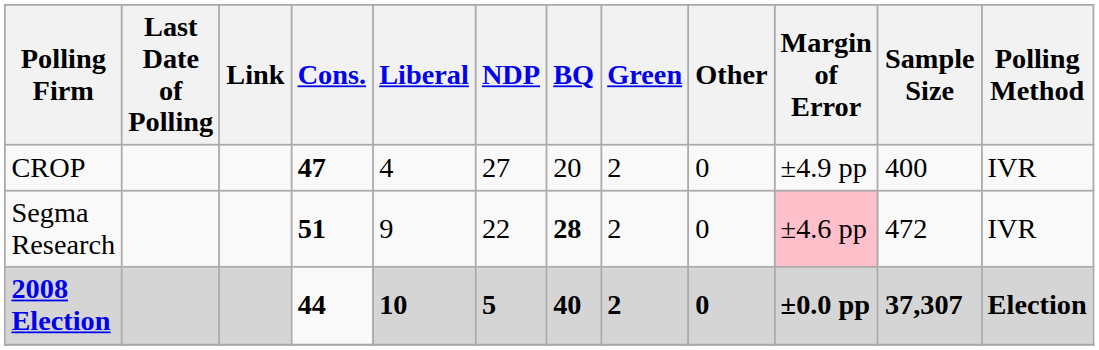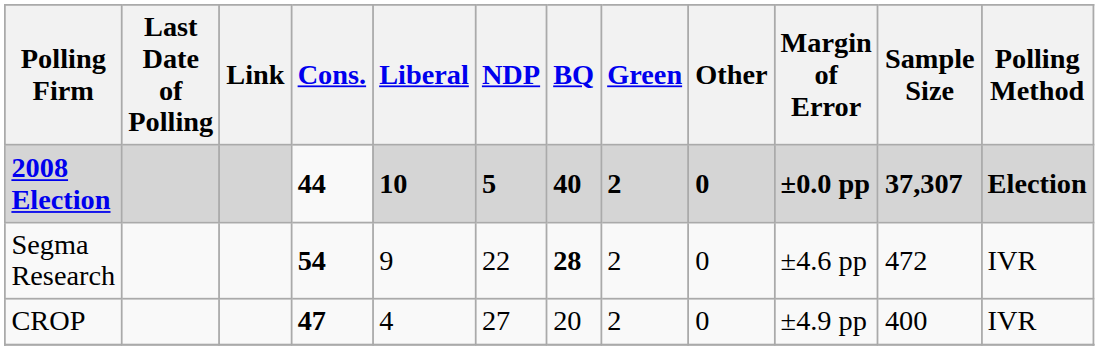 <table class="wikitable sortable">
 <tr style="background:#e9e9e9;">
 <th style="width:120px">Polling Firm</th>
 <th style="width:110px">Last Date<br>of Polling</th>
 <th style="width:60px" class="unsortable">Link</th>
 <th style="background-color:"><strong><a href='#'>Cons.</a></strong></th>
 <th style="background-color:"><strong><a href='#'>Liberal</a></strong></th>
 <th style="background-color:"><strong><a href='#'>NDP</a></strong></th>
 <th style="background-color:"><strong><a href='#'>BQ</a></strong></th>
 <th style="background-color:"><strong><a href='#'>Green</a></strong></th>
 <th style="background-color:"><strong>Other</strong></th>
 <th style="width:60px;" class=unsortable>Margin<br>of Error</th>
 <th style="width:50px;" class=unsortable>Sample<br>Size</th>
 <th class=unsortable>Polling Method</th>
 </tr>
 <tr>
+<td style="background:#D5D5D5"><strong><a href='#'>2008 Election</a></strong></td>
+<td style="background:#D5D5D5"><strong></strong></td>
+<td style="background:#D5D5D5"></td>
+<td><strong>44</strong></td>
+<td style="background:#D5D5D5"><strong>10</strong></td>
+<td style="background:#D5D5D5"><strong>5</strong></td>
+<td style="background:#D5D5D5"><strong>40</strong></td>
+<td style="background:#D5D5D5"><strong>2</strong></td>
+<td style="background:#D5D5D5"><strong>0</strong></td>
+<td style="background:#D5D5D5"><strong>±0.0 pp</strong></td>
+<td style="background:#D5D5D5"><strong>37,307</strong></td>
+<td style="background:#D5D5D5"><strong>Election</strong></td>
+</tr>
+<tr>
+<td>Segma Research</td>
+<td></td>
+<td></td>
+<td><strong>54</strong></td>
+<td>9</td>
+<td>22</td>
+<td><strong>28</strong></td>
+<td>2</td>
+<td>0</td>
+<td>±4.6 pp</td>
+<td>472</td>
+<td>IVR</td>
+</tr>
+<tr>
 <td>CROP</td>
 <td></td>
 <td></td>
 <td><strong>47</strong></td>
 <td>4</td>
 <td>27</td>
 <td>20</td>
 <td>2</td>
 <td>0</td>
 <td>±4.9 pp</td>
 <td>400</td>
 <td>IVR</td>
 </tr>
 <tr>
-<td>Segma Research</td>
-<td></td>
-<td></td>
-<td><strong>51</strong></td>
-<td>9</td>
-<td>22</td>
-<td><strong>28</strong></td>
-<td>2</td>
-<td>0</td>
-<td style="background: pink;">±4.6 pp</td>
-<td>472</td>
-<td>IVR</td>
-</tr>
-<tr>
-<td style="background:#D5D5D5"><strong><a href='#'>2008 Election</a></strong></td>
-<td style="background:#D5D5D5"><strong></strong></td>
-<td style="background:#D5D5D5"></td>
-<td><strong>44</strong></td>
-<td style="background:#D5D5D5"><strong>10</strong></td>
-<td style="background:#D5D5D5"><strong>5</strong></td>
-<td style="background:#D5D5D5"><strong>40</strong></td>
-<td style="background:#D5D5D5"><strong>2</strong></td>
-<td style="background:#D5D5D5"><strong>0</strong></td>
-<td style="background:#D5D5D5"><strong>±0.0 pp</strong></td>
-<td style="background:#D5D5D5"><strong>37,307</strong></td>
-<td style="background:#D5D5D5"><strong>Election</strong></td>
-</tr>
-<tr>
 </tr>
 <tr>
 </tr>
 </table>
